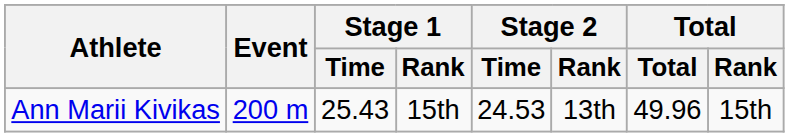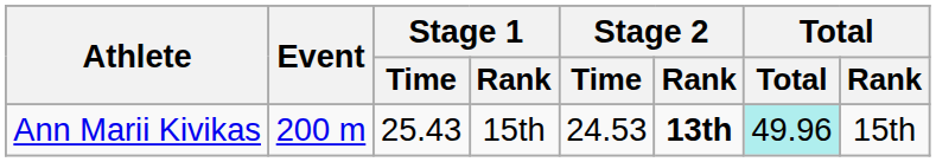 <table class="wikitable" style="font-size:90%">
 <tr>
 <th rowspan=2>Athlete</th>
 <th rowspan=2>Event</th>
 <th colspan=2>Stage 1</th>
 <th colspan=2>Stage 2</th>
 <th colspan=2>Total</th>
 </tr>
 <tr style="font-size:95%">
 <th>Time</th>
 <th>Rank</th>
 <th>Time</th>
 <th>Rank</th>
 <th>Total</th>
 <th>Rank</th>
 </tr>
 <tr align=center>
 <td align=left rowspan=2><a href='#'>Ann Marii Kivikas</a></td>
 <td align=left><a href='#'>200 m</a></td>
 <td>25.43</td>
 <td>15th</td>
 <td>24.53</td>
-<td>13th</td>
-<td>49.96</td>
+<td><strong>13th</strong></td>
+<td style="background: paleturquoise;">49.96</td>
 <td>15th</td>
 </tr>
 </table>
